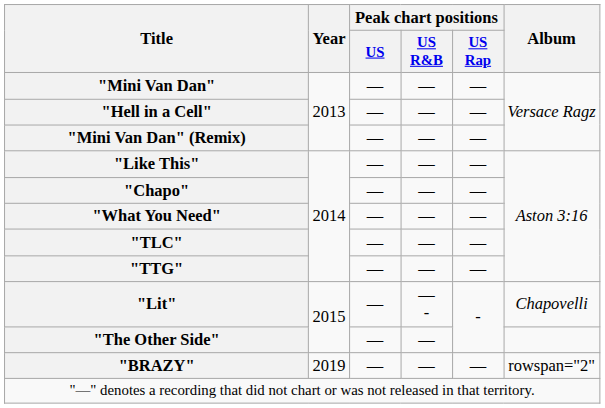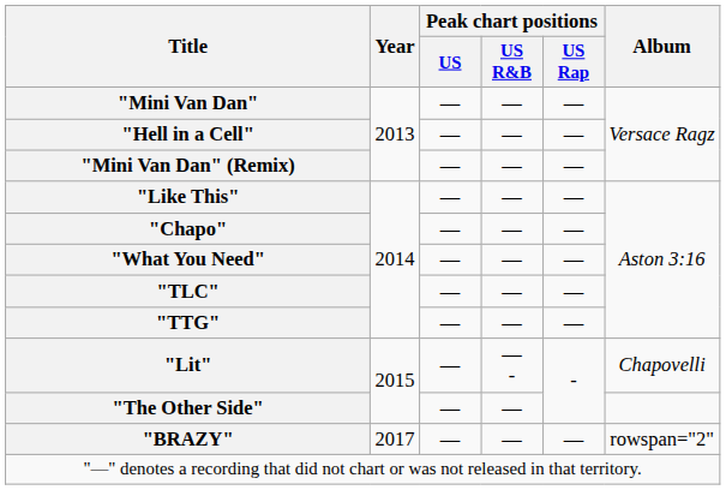 <table class="wikitable plainrowheaders" style="text-align:center;">
 <tr>
 <th scope="col" rowspan="2" style="width:18em;">Title</th>
 <th scope="col" rowspan="2">Year</th>
 <th scope="col" colspan="3">Peak chart positions</th>
 <th scope="col" rowspan="2">Album</th>
 </tr>
 <tr>
 <th scope="col" style="width:3em;font-size:90%;"><a href='#'>US</a><br></th>
 <th scope="col" style="width:3em;font-size:90%;"><a href='#'>US<br>R&B</a><br></th>
 <th scope="col" style="width:3em;font-size:90%;"><a href='#'>US<br>Rap</a></th>
 </tr>
 <tr>
 <th scope="row">"Mini Van Dan"</th>
 <td rowspan="3">2013</td>
 <td>—</td>
 <td>—</td>
 <td>—</td>
 <td rowspan="3"><em>Versace Ragz</em></td>
 </tr>
 <tr>
 <th scope="row">"Hell in a Cell"</th>
 <td>—</td>
 <td>—</td>
 <td>—</td>
 </tr>
 <tr>
 <th scope="row">"Mini Van Dan" (Remix)<br></th>
 <td>—</td>
 <td>—</td>
 <td>—</td>
 </tr>
 <tr>
 <th scope="row">"Like This"</th>
 <td rowspan="5">2014</td>
 <td>—</td>
 <td>—</td>
 <td>—</td>
 <td rowspan="5"><em>Aston 3:16</em></td>
 </tr>
 <tr>
 <th scope="row">"Chapo"<br></th>
 <td>—</td>
 <td>—</td>
 <td>—</td>
 </tr>
 <tr>
 <th scope="row">"What You Need"</th>
 <td>—</td>
 <td>—</td>
 <td>—</td>
 </tr>
 <tr>
 <th scope="row">"TLC"<br></th>
 <td>—</td>
 <td>—</td>
 <td>—</td>
 </tr>
 <tr>
 <th scope="row">"TTG"<br></th>
 <td>—</td>
 <td>—</td>
 <td>—</td>
 </tr>
 <tr>
 <th scope="row">"Lit"</th>
 <td rowspan="2">2015</td>
 <td>—</td>
 <td>—<br>-</td>
 <td rowspan="2">-</td>
 <td rowspan="1"><em>Chapovelli</em></td>
 </tr>
 <tr>
 <th scope="row">"The Other Side"<br></th>
 <td>—</td>
 <td>—</td>
 </tr>
 <tr>
 <th scope="row">"BRAZY"</th>
-<td rowspan="1">2019</td>
+<td rowspan="1">2017</td>
 <td>—</td>
 <td>—</td>
 <td>—</td>
 <td>rowspan="2" </td>
 </tr>
 <tr>
 <td colspan="7" style="font-size:90%">"—" denotes a recording that did not chart or was not released in that territory.</td>
 </tr>
 </table>
